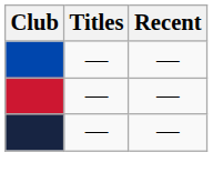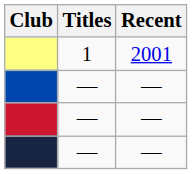 <table class="wikitable" style="text-align:center; width=60%;">
 <tr>
 <th>Club</th>
 <th>Titles</th>
 <th>Recent</th>
+</tr>
+<tr>
+<td style=background-color:#FCFF84;color:#AD9759><strong><a href='#'></a></strong></td>
+<td>1</td>
+<td><a href='#'>2001</a></td>
 </tr>
 <tr>
 <td style=background-color:#0046AD;color:#DF0101><strong><a href='#'></a></strong></td>
 <td>—</td>
 <td>—</td>
 </tr>
 <tr>
 <td style=background-color:#CD1731;color:#FFFFFF><strong><a href='#'></a></strong></td>
 <td>—</td>
 <td>—</td>
 </tr>
 <tr>
 <td style=background-color:#172442;color:Goldenrod><strong><a href='#'></a></strong></td>
 <td>—</td>
 <td>—</td>
 </tr>
 </table>
